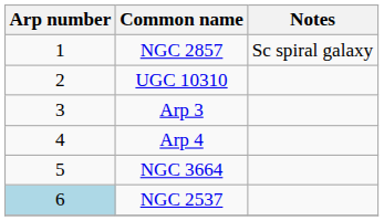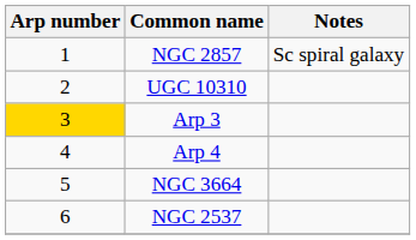 <table class="wikitable" style="text-align:center;">
 <tr>
 <th>Arp number</th>
 <th>Common name</th>
 <th>Notes</th>
 </tr>
 <tr>
 <td>1</td>
 <td><a href='#'>NGC 2857</a></td>
 <td>Sc spiral galaxy</td>
 </tr>
 <tr>
 <td>2</td>
 <td><a href='#'>UGC 10310</a></td>
 <td></td>
 </tr>
 <tr>
-<td>3</td>
+<td style="background: gold;">3</td>
 <td><a href='#'>Arp 3</a></td>
 <td></td>
 </tr>
 <tr>
 <td>4</td>
 <td><a href='#'>Arp 4</a></td>
 <td></td>
 </tr>
 <tr>
 <td>5</td>
 <td><a href='#'>NGC 3664</a></td>
 <td></td>
 </tr>
 <tr>
-<td style="background: lightblue;">6</td>
+<td>6</td>
 <td><a href='#'>NGC 2537</a></td>
 <td></td>
 </tr>
 <tr>
 </tr>
 </table>
